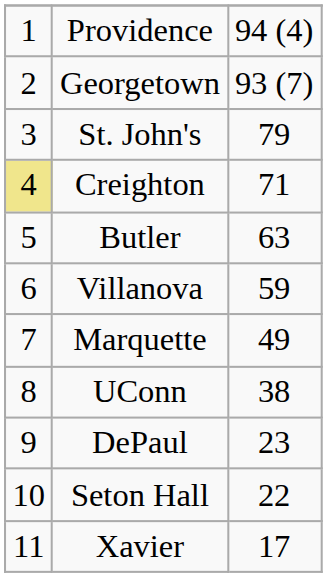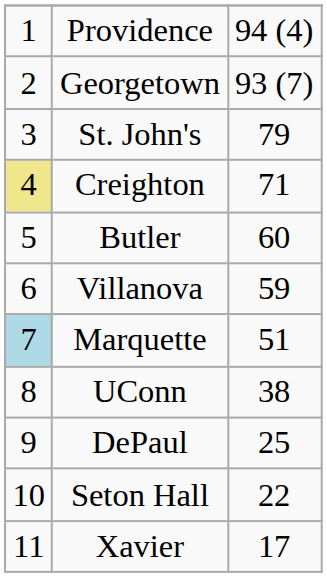 <table class="wikitable" style="display: inline-table;">
 <tr align="center">
 </tr>
 <tr align="center">
 <td>1</td>
 <td>Providence</td>
 <td>94 (4)</td>
 </tr>
 <tr align="center">
 <td>2</td>
 <td>Georgetown</td>
 <td>93 (7)</td>
 </tr>
 <tr align="center">
 <td>3</td>
 <td>St. John's</td>
 <td>79</td>
 </tr>
 <tr align="center">
 <td style="background: khaki;">4</td>
 <td>Creighton</td>
 <td>71</td>
 </tr>
 <tr align="center">
 <td>5</td>
 <td>Butler</td>
-<td>63</td>
+<td>60</td>
 </tr>
 <tr align="center">
 <td>6</td>
 <td>Villanova</td>
 <td>59</td>
 </tr>
 <tr align="center">
-<td>7</td>
+<td style="background: lightblue;">7</td>
 <td>Marquette</td>
-<td>49</td>
+<td>51</td>
 </tr>
 <tr align="center">
 <td>8</td>
 <td>UConn</td>
 <td>38</td>
 </tr>
 <tr align="center">
 <td>9</td>
 <td>DePaul</td>
-<td>23</td>
+<td>25</td>
 </tr>
 <tr align="center">
 <td>10</td>
 <td>Seton Hall</td>
 <td>22</td>
 </tr>
 <tr align="center">
 <td>11</td>
 <td>Xavier</td>
 <td>17</td>
 </tr>
 </table>
